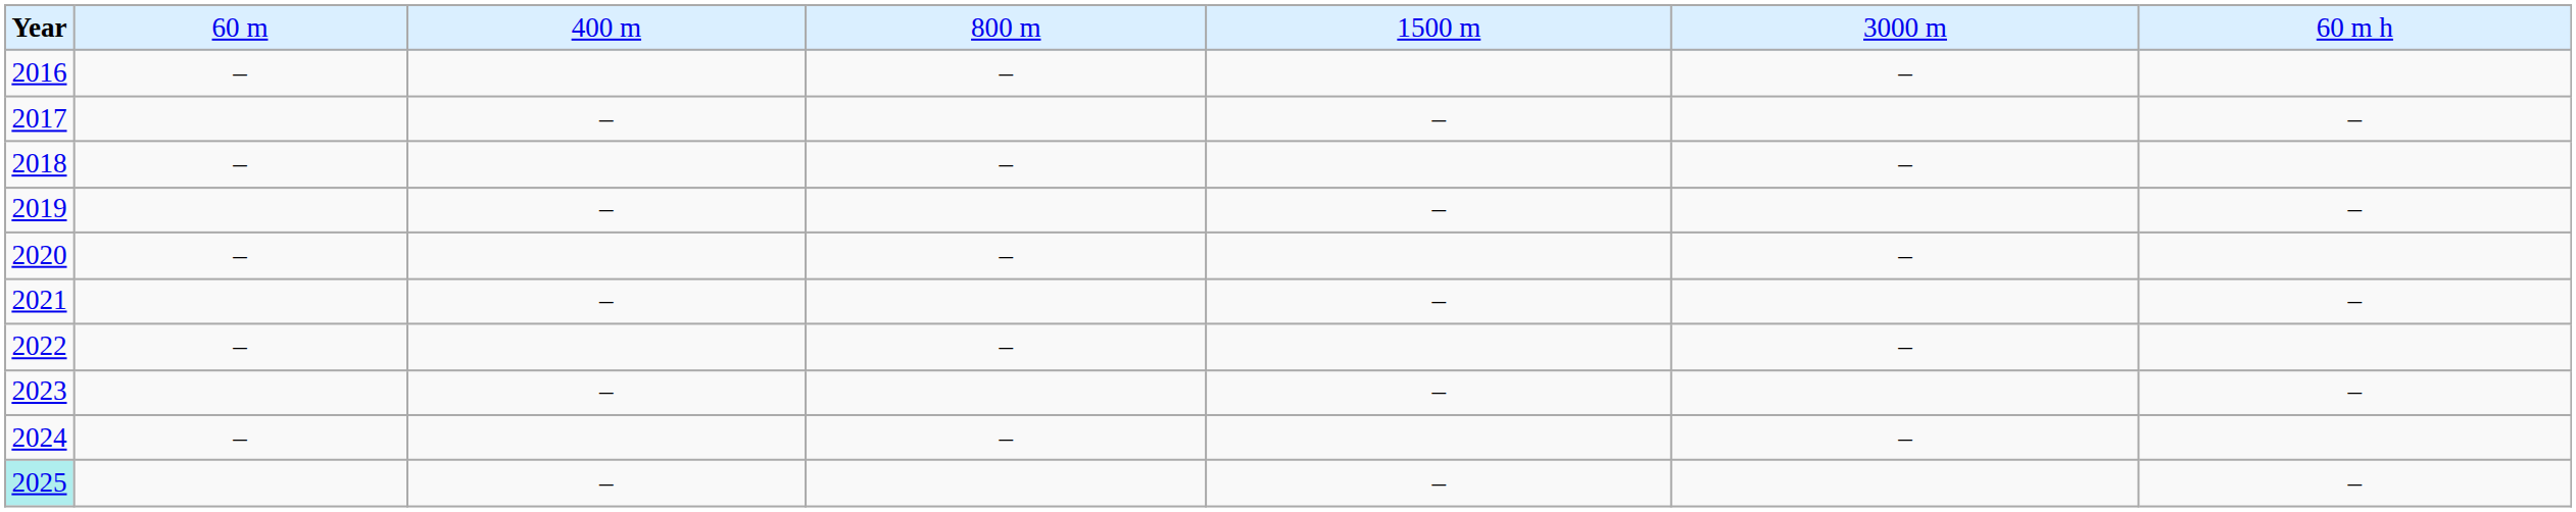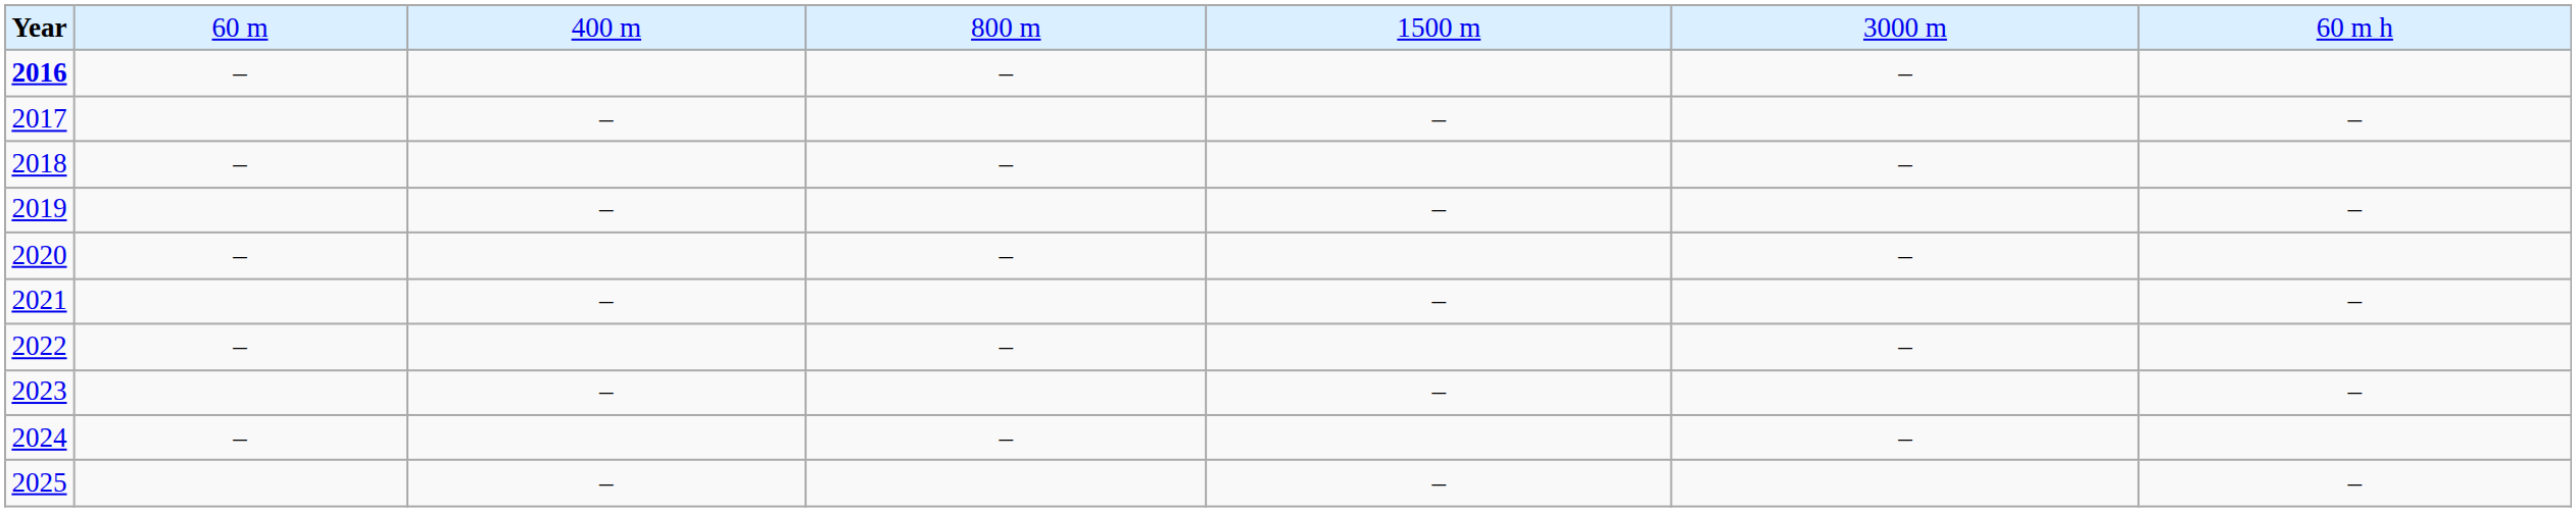 <table class="wikitable" style="font-size:85%; text-align:center; float:center; width:100%">
 <tr align="center" bgcolor="#DAEFFF">
 <td width=20><strong>Year</strong></td>
 <td><a href='#'>60 m</a></td>
 <td><a href='#'>400 m</a></td>
 <td><a href='#'>800 m</a></td>
 <td><a href='#'>1500 m</a></td>
 <td><a href='#'>3000 m</a></td>
 <td><a href='#'>60 m h</a></td>
 </tr>
 <tr>
-<td><a href='#'>2016</a></td>
+<td><strong><a href='#'>2016</a></strong></td>
 <td>–</td>
 <td></td>
 <td>–</td>
 <td></td>
 <td>–</td>
 <td></td>
 </tr>
 <tr>
 <td><a href='#'>2017</a></td>
 <td></td>
 <td>–</td>
 <td></td>
 <td>–</td>
 <td></td>
 <td>–</td>
 </tr>
 <tr>
 <td><a href='#'>2018</a></td>
 <td>–</td>
 <td></td>
 <td>–</td>
 <td></td>
 <td>–</td>
 <td></td>
 </tr>
 <tr>
 <td><a href='#'>2019</a></td>
 <td></td>
 <td>–</td>
 <td></td>
 <td>–</td>
 <td></td>
 <td>–</td>
 </tr>
 <tr>
 <td><a href='#'>2020</a></td>
 <td>–</td>
 <td></td>
 <td>–</td>
 <td></td>
 <td>–</td>
 <td></td>
 </tr>
 <tr>
 <td><a href='#'>2021</a></td>
 <td></td>
 <td>–</td>
 <td></td>
 <td>–</td>
 <td></td>
 <td>–</td>
 </tr>
 <tr>
 <td><a href='#'>2022</a></td>
 <td>–</td>
 <td></td>
 <td>–</td>
 <td></td>
 <td>–</td>
 <td></td>
 </tr>
 <tr>
 <td><a href='#'>2023</a></td>
 <td></td>
 <td>–</td>
 <td></td>
 <td>–</td>
 <td></td>
 <td>–</td>
 </tr>
 <tr>
 <td><a href='#'>2024</a></td>
 <td>–</td>
 <td></td>
 <td>–</td>
 <td></td>
 <td>–</td>
 <td></td>
 </tr>
 <tr>
-<td style="background: paleturquoise;"><a href='#'>2025</a></td>
+<td><a href='#'>2025</a></td>
 <td></td>
 <td>–</td>
 <td></td>
 <td>–</td>
 <td></td>
 <td>–</td>
 </tr>
 </table>
